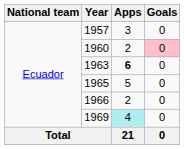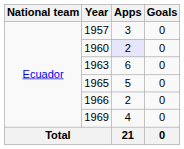 <table class="wikitable" style="text-align:center">
 <tr>
 <th>National team</th>
 <th>Year</th>
 <th>Apps</th>
 <th>Goals</th>
 </tr>
 <tr>
 <td rowspan="6"><a href='#'>Ecuador</a></td>
 <td>1957</td>
 <td>3</td>
 <td>0</td>
 </tr>
 <tr>
 <td>1960</td>
-<td>2</td>
-<td style="background: pink;">0</td>
+<td style="background: lavender;">2</td>
+<td>0</td>
 </tr>
 <tr>
 <td>1963</td>
-<td><strong>6</strong></td>
+<td>6</td>
 <td>0</td>
 </tr>
 <tr>
 <td>1965</td>
 <td>5</td>
 <td>0</td>
 </tr>
 <tr>
 <td>1966</td>
 <td>2</td>
 <td>0</td>
 </tr>
 <tr>
 <td>1969</td>
-<td style="background: paleturquoise;">4</td>
+<td>4</td>
 <td>0</td>
 </tr>
 <tr>
 <th colspan="2">Total</th>
 <th>21</th>
 <th>0</th>
 </tr>
 </table>
